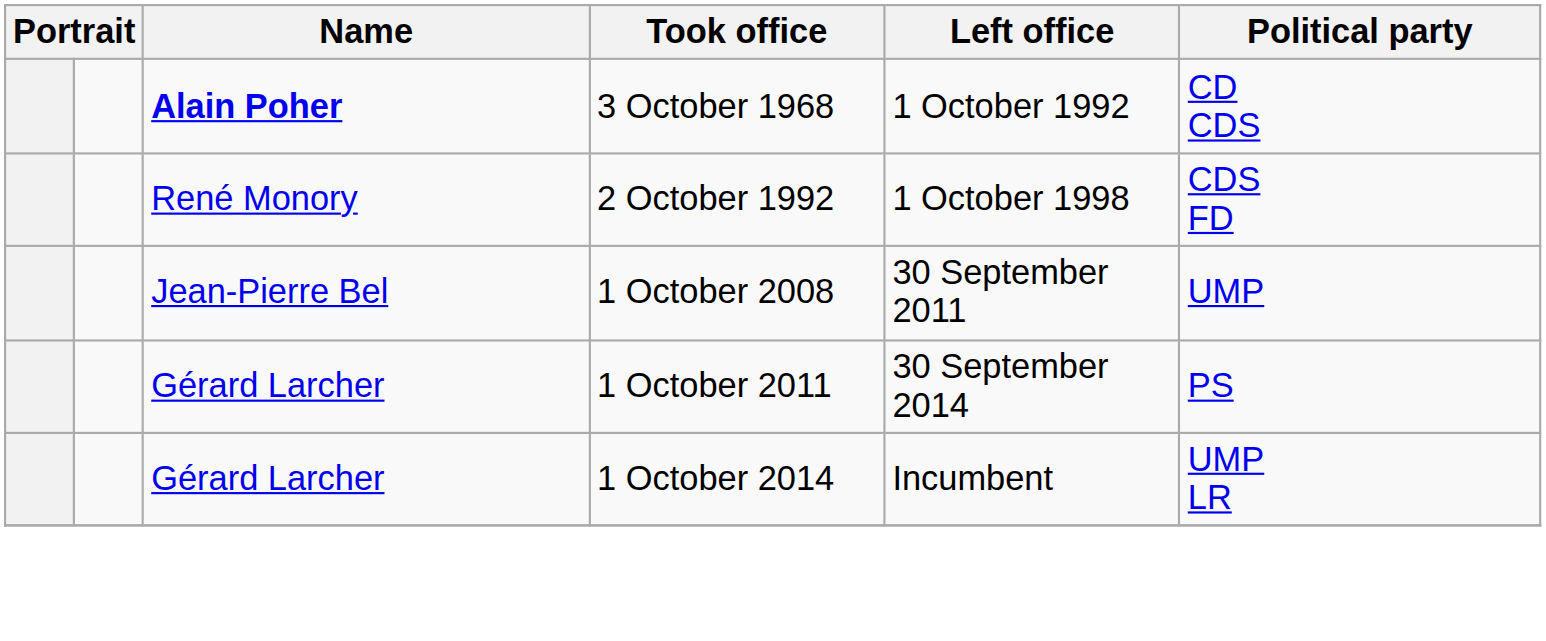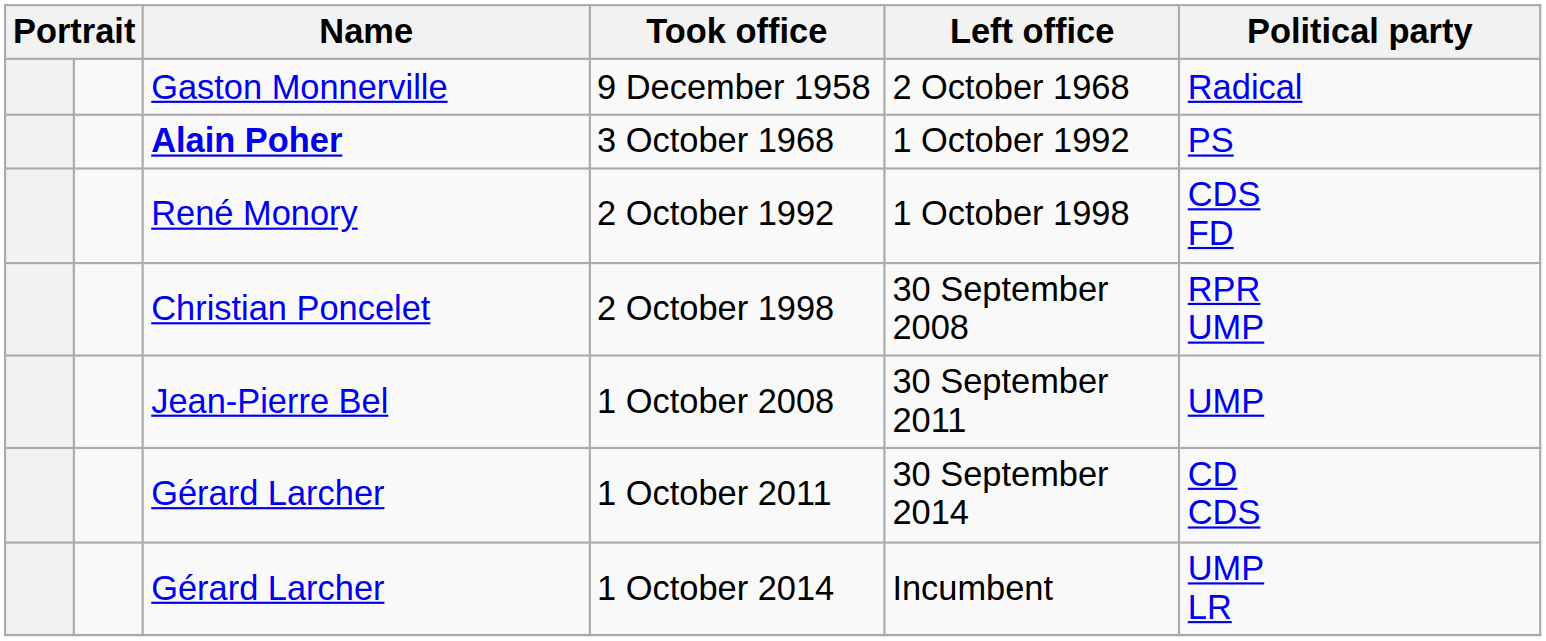 <table class="wikitable">
 <tr>
 <th colspan=2>Portrait</th>
 <th width=200>Name</th>
 <th width=130>Took office</th>
 <th width=130>Left office</th>
 <th width=160>Political party</th>
 </tr>
 <tr>
 <th style="background:"></th>
 <td></td>
+<td><a href='#'>Gaston Monnerville</a></td>
+<td>9 December 1958</td>
+<td>2 October 1968</td>
+<td><a href='#'>Radical</a></td>
+</tr>
+<tr>
+<th style="background:"></th>
+<td></td>
 <td><strong><a href='#'>Alain Poher</a></strong></td>
 <td>3 October 1968</td>
 <td>1 October 1992</td>
-<td><a href='#'>CD</a> <br><a href='#'>CDS</a> </td>
+<td><a href='#'>PS</a></td>
 </tr>
 <tr>
 <th style="background:"></th>
 <td></td>
 <td><a href='#'>René Monory</a></td>
 <td>2 October 1992</td>
 <td>1 October 1998</td>
 <td><a href='#'>CDS</a> <br><a href='#'>FD</a> </td>
+</tr>
+<tr>
+<th style="background:"></th>
+<td></td>
+<td><a href='#'>Christian Poncelet</a></td>
+<td>2 October 1998</td>
+<td>30 September 2008</td>
+<td><a href='#'>RPR</a> <br><a href='#'>UMP</a> </td>
 </tr>
 <tr>
 <th style="background:"></th>
 <td></td>
 <td><a href='#'>Jean-Pierre Bel</a></td>
 <td>1 October 2008</td>
 <td>30 September 2011</td>
 <td><a href='#'>UMP</a></td>
 </tr>
 <tr>
 <th style="background:"></th>
 <td></td>
 <td><a href='#'>Gérard Larcher</a></td>
 <td>1 October 2011</td>
 <td>30 September 2014</td>
-<td><a href='#'>PS</a></td>
+<td><a href='#'>CD</a> <br><a href='#'>CDS</a> </td>
 </tr>
 <tr>
 <th style="background:"></th>
 <td></td>
 <td><a href='#'>Gérard Larcher</a></td>
 <td>1 October 2014</td>
 <td>Incumbent</td>
 <td><a href='#'>UMP</a> <br><a href='#'>LR</a> </td>
 </tr>
 <tr>
 </tr>
 </table>
